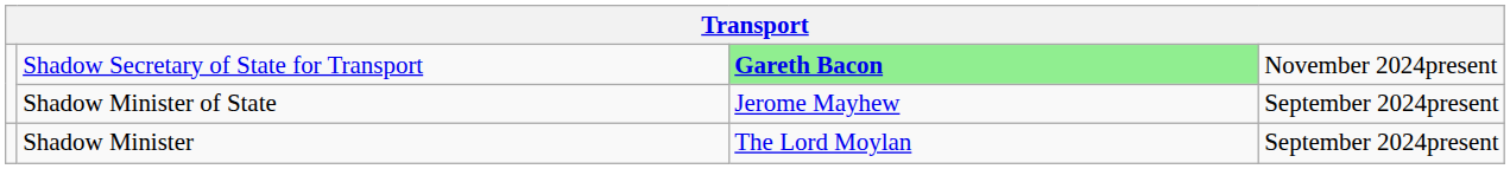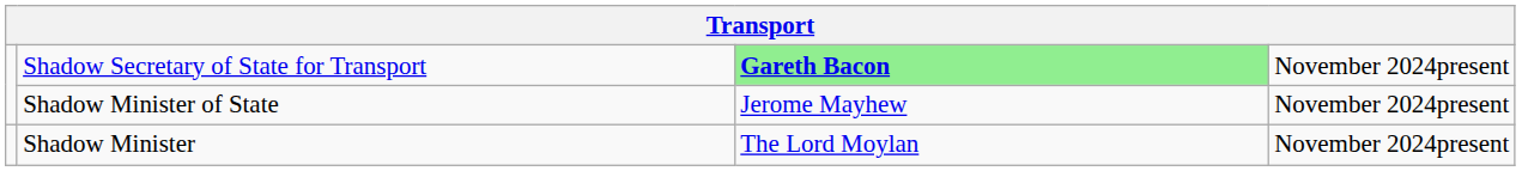 <table class="wikitable">
 <tr>
 <th colspan="5"><a href='#'>Transport</a></th>
 </tr>
 <tr>
 <td rowspan="2" style="background: "></td>
 <td style="width: 450px;"><a href='#'>Shadow Secretary of State for Transport</a></td>
 <td style="background: lightgreen; width: 333px;"><strong><a href='#'>Gareth Bacon</a></strong></td>
 <td>November 2024present</td>
 </tr>
 <tr>
 <td>Shadow Minister of State</td>
 <td><a href='#'>Jerome Mayhew</a></td>
-<td>September 2024present</td>
+<td>November 2024present</td>
 </tr>
 <tr>
 <td style="background: "></td>
 <td>Shadow Minister</td>
 <td><a href='#'>The Lord Moylan</a></td>
-<td>September 2024present</td>
+<td>November 2024present</td>
 </tr>
 </table>
